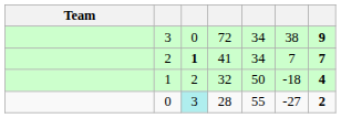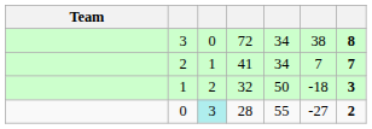 <table class="wikitable" style="text-align:center;">
 <tr>
 <th style="width:10.5em;">Team</th>
 <th style="width:1.5em;"></th>
 <th style="width:1.5em;"></th>
 <th style="width:2.0em;"></th>
 <th style="width:2.0em;"></th>
 <th style="width:2.0em;"></th>
 <th style="width:1.5em;"></th>
 </tr>
 <tr bgcolor=#cfc>
 <td align="left"></td>
 <td>3</td>
 <td>0</td>
 <td>72</td>
 <td>34</td>
 <td>38</td>
-<td><strong>9</strong></td>
+<td><strong>8</strong></td>
 </tr>
 <tr bgcolor=#cfc>
 <td align="left"></td>
 <td>2</td>
-<td><strong>1</strong></td>
+<td>1</td>
 <td>41</td>
 <td>34</td>
 <td>7</td>
 <td><strong>7</strong></td>
 </tr>
 <tr bgcolor=#cfc>
 <td align="left"></td>
 <td>1</td>
 <td>2</td>
 <td>32</td>
 <td>50</td>
 <td>-18</td>
-<td><strong>4</strong></td>
+<td><strong>3</strong></td>
 </tr>
 <tr>
 <td align="left"></td>
 <td>0</td>
 <td style="background: paleturquoise;">3</td>
 <td>28</td>
 <td>55</td>
 <td>-27</td>
 <td><strong>2</strong></td>
 </tr>
 </table>
